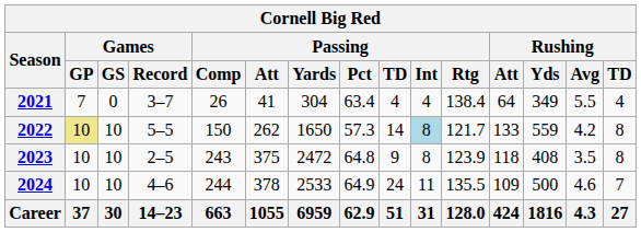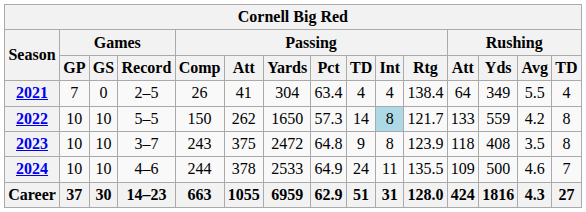 <table class=wikitable style="text-align:center;">
 <tr>
 <th colspan="16">Cornell Big Red</th>
 </tr>
 <tr>
 </tr>
 <tr>
 <th rowspan="2">Season</th>
 <th colspan="3">Games</th>
 <th colspan="7">Passing</th>
 <th colspan="4">Rushing</th>
 </tr>
 <tr>
 <th>GP</th>
 <th>GS</th>
 <th>Record</th>
 <th>Comp</th>
 <th>Att</th>
 <th>Yards</th>
 <th>Pct</th>
 <th>TD</th>
 <th>Int</th>
 <th>Rtg</th>
 <th>Att</th>
 <th>Yds</th>
 <th>Avg</th>
 <th>TD</th>
 </tr>
 <tr>
 <th><a href='#'>2021</a></th>
 <td>7</td>
 <td>0</td>
-<td>3–7</td>
+<td>2–5</td>
 <td>26</td>
 <td>41</td>
 <td>304</td>
 <td>63.4</td>
 <td>4</td>
 <td>4</td>
 <td>138.4</td>
 <td>64</td>
 <td>349</td>
 <td>5.5</td>
 <td>4</td>
 </tr>
 <tr>
 <th><a href='#'>2022</a></th>
-<td style="background: khaki;">10</td>
+<td>10</td>
 <td>10</td>
 <td>5–5</td>
 <td>150</td>
 <td>262</td>
 <td>1650</td>
 <td>57.3</td>
 <td>14</td>
 <td style="background: lightblue;">8</td>
 <td>121.7</td>
 <td>133</td>
 <td>559</td>
 <td>4.2</td>
 <td>8</td>
 </tr>
 <tr>
 <th><a href='#'>2023</a></th>
 <td>10</td>
 <td>10</td>
-<td>2–5</td>
+<td>3–7</td>
 <td>243</td>
 <td>375</td>
 <td>2472</td>
 <td>64.8</td>
 <td>9</td>
 <td>8</td>
 <td>123.9</td>
 <td>118</td>
 <td>408</td>
 <td>3.5</td>
 <td>8</td>
 </tr>
 <tr>
 <th><a href='#'>2024</a></th>
 <td>10</td>
 <td>10</td>
 <td>4–6</td>
 <td>244</td>
 <td>378</td>
 <td>2533</td>
 <td>64.9</td>
 <td>24</td>
 <td>11</td>
 <td>135.5</td>
 <td>109</td>
 <td>500</td>
 <td>4.6</td>
 <td>7</td>
 </tr>
 <tr>
 <th>Career</th>
 <th>37</th>
 <th>30</th>
 <th>14–23</th>
 <th>663</th>
 <th>1055</th>
 <th>6959</th>
 <th>62.9</th>
 <th>51</th>
 <th>31</th>
 <th>128.0</th>
 <th>424</th>
 <th>1816</th>
 <th>4.3</th>
 <th>27</th>
 </tr>
 </table>
